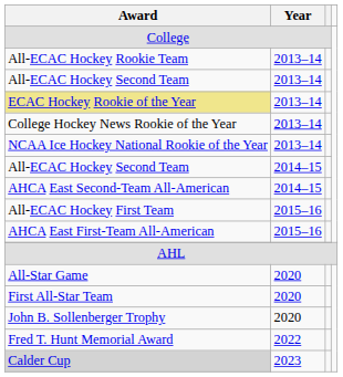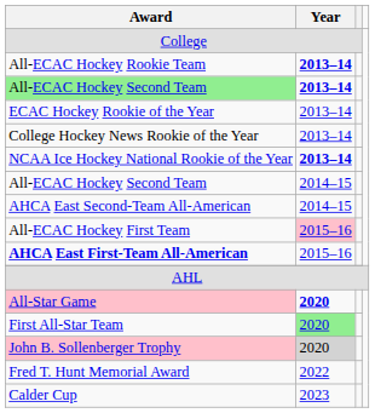 <table class="wikitable">
 <tr>
 <th>Award</th>
 <th>Year</th>
 <th></th>
 <td></td>
 </tr>
 <tr ALIGN="center" bgcolor="#e0e0e0">
 <td colspan="3"><a href='#'>College</a></td>
 </tr>
 <tr>
 <td>All-<a href='#'>ECAC Hockey</a> <a href='#'>Rookie Team</a></td>
-<td><a href='#'>2013–14</a></td>
+<td><strong><a href='#'>2013–14</a></strong></td>
 <td></td>
 </tr>
 <tr>
-<td>All-<a href='#'>ECAC Hockey</a> <a href='#'>Second Team</a></td>
-<td><a href='#'>2013–14</a></td>
+<td style="background: lightgreen;">All-<a href='#'>ECAC Hockey</a> <a href='#'>Second Team</a></td>
+<td><strong><a href='#'>2013–14</a></strong></td>
 <td></td>
 </tr>
 <tr>
-<td style="background: khaki;"><a href='#'>ECAC Hockey</a> <a href='#'>Rookie of the Year</a></td>
+<td><a href='#'>ECAC Hockey</a> <a href='#'>Rookie of the Year</a></td>
 <td><a href='#'>2013–14</a></td>
 <td></td>
 </tr>
 <tr>
 <td>College Hockey News Rookie of the Year</td>
 <td><a href='#'>2013–14</a></td>
 <td></td>
 </tr>
 <tr>
 <td><a href='#'>NCAA Ice Hockey National Rookie of the Year</a></td>
-<td><a href='#'>2013–14</a></td>
+<td><strong><a href='#'>2013–14</a></strong></td>
 <td></td>
 </tr>
 <tr>
 <td>All-<a href='#'>ECAC Hockey</a> <a href='#'>Second Team</a></td>
 <td><a href='#'>2014–15</a></td>
 <td></td>
 </tr>
 <tr>
 <td><a href='#'>AHCA</a> <a href='#'>East Second-Team All-American</a></td>
 <td><a href='#'>2014–15</a></td>
 <td></td>
 </tr>
 <tr>
 <td>All-<a href='#'>ECAC Hockey</a> <a href='#'>First Team</a></td>
-<td><a href='#'>2015–16</a></td>
+<td style="background: pink;"><a href='#'>2015–16</a></td>
 <td></td>
 </tr>
 <tr>
-<td><a href='#'>AHCA</a> <a href='#'>East First-Team All-American</a></td>
+<td><strong><a href='#'>AHCA</a> <a href='#'>East First-Team All-American</a></strong></td>
 <td><a href='#'>2015–16</a></td>
 <td></td>
 </tr>
 <tr>
 </tr>
 <tr ALIGN="center" bgcolor="#e0e0e0">
 <td colspan="4"><a href='#'>AHL</a></td>
 </tr>
 <tr>
-<td><a href='#'>All-Star Game</a></td>
-<td><a href='#'>2020</a></td>
+<td style="background: pink;"><a href='#'>All-Star Game</a></td>
+<td><strong><a href='#'>2020</a></strong></td>
 <td></td>
 </tr>
 <tr>
 <td><a href='#'>First All-Star Team</a></td>
-<td><a href='#'>2020</a></td>
+<td style="background: lightgreen;"><a href='#'>2020</a></td>
 <td></td>
 </tr>
 <tr>
-<td><a href='#'>John B. Sollenberger Trophy</a></td>
-<td>2020</td>
+<td style="background: pink;"><a href='#'>John B. Sollenberger Trophy</a></td>
+<td style="background: lightgrey;">2020</td>
 <td></td>
 </tr>
 <tr>
 <td><a href='#'>Fred T. Hunt Memorial Award</a></td>
 <td><a href='#'>2022</a></td>
 <td></td>
 </tr>
 <tr>
-<td style="background: lightgrey;"><a href='#'>Calder Cup</a></td>
+<td><a href='#'>Calder Cup</a></td>
 <td><a href='#'>2023</a></td>
 <td></td>
 </tr>
 </table>
